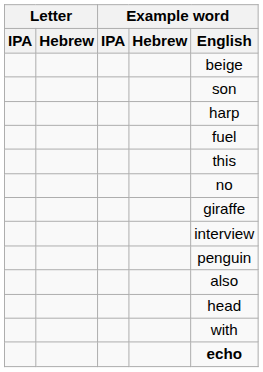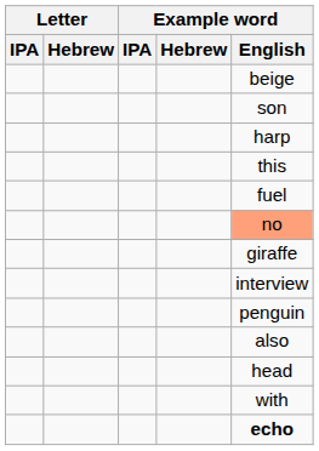 <table class="wikitable" style="text-align: center; display:inline-table;">
 <tr>
 <th colspan="2">Letter</th>
 <th colspan="3">Example word</th>
 </tr>
 <tr>
 <th>IPA</th>
 <th>Hebrew</th>
 <th>IPA</th>
 <th>Hebrew</th>
 <th>English</th>
 </tr>
 <tr>
 <td></td>
 <td></td>
 <td></td>
 <td></td>
 <td>beige</td>
 </tr>
 <tr>
 <td></td>
 <td></td>
 <td></td>
 <td></td>
 <td>son</td>
 </tr>
 <tr>
 <td></td>
 <td></td>
 <td></td>
 <td></td>
 <td>harp</td>
 </tr>
 <tr>
 <td></td>
 <td></td>
 <td></td>
 <td></td>
+<td>this</td>
+</tr>
+<tr>
+<td></td>
+<td></td>
+<td></td>
+<td></td>
 <td>fuel</td>
 </tr>
 <tr>
 <td></td>
 <td></td>
 <td></td>
 <td></td>
-<td>this</td>
-</tr>
-<tr>
-<td></td>
-<td></td>
-<td></td>
-<td></td>
-<td>no</td>
+<td style="background: lightsalmon;">no</td>
 </tr>
 <tr>
 <td></td>
 <td></td>
 <td></td>
 <td></td>
 <td>giraffe</td>
 </tr>
 <tr>
 <td></td>
 <td></td>
 <td></td>
 <td></td>
 <td>interview</td>
 </tr>
 <tr>
 <td></td>
 <td></td>
 <td></td>
 <td></td>
 <td>penguin</td>
 </tr>
 <tr>
 <td></td>
 <td></td>
 <td></td>
 <td></td>
 <td>also</td>
 </tr>
 <tr>
 <td></td>
 <td></td>
 <td></td>
 <td></td>
 <td>head</td>
 </tr>
 <tr>
 <td></td>
 <td></td>
 <td></td>
 <td></td>
 <td>with</td>
 </tr>
 <tr>
 <td></td>
 <td></td>
 <td></td>
 <td></td>
 <td><strong>echo</strong></td>
 </tr>
 </table>
